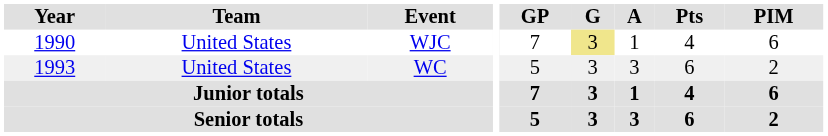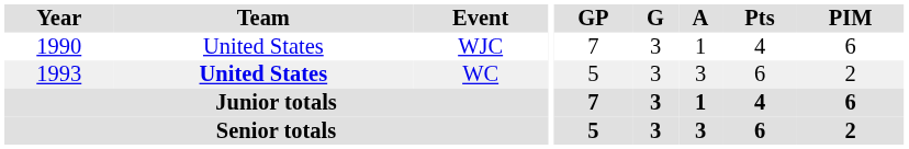 <table border="0" cellpadding="1" cellspacing="0" ID="Table3" style="text-align:center; width:40em">
 <tr bgcolor="#e0e0e0">
 <th>Year</th>
 <th>Team</th>
 <th>Event</th>
 <th rowspan="102" bgcolor="#ffffff"></th>
 <th>GP</th>
 <th>G</th>
 <th>A</th>
 <th>Pts</th>
 <th>PIM</th>
 </tr>
 <tr>
 <td><a href='#'>1990</a></td>
 <td><a href='#'>United States</a></td>
 <td><a href='#'>WJC</a></td>
 <td>7</td>
-<td style="background: khaki;">3</td>
+<td>3</td>
 <td>1</td>
 <td>4</td>
 <td>6</td>
 </tr>
 <tr bgcolor="#f0f0f0">
 <td><a href='#'>1993</a></td>
-<td><a href='#'>United States</a></td>
+<td><strong><a href='#'>United States</a></strong></td>
 <td><a href='#'>WC</a></td>
 <td>5</td>
 <td>3</td>
 <td>3</td>
 <td>6</td>
 <td>2</td>
 </tr>
 <tr bgcolor="#e0e0e0">
 <th colspan="3">Junior totals</th>
 <th>7</th>
 <th>3</th>
 <th>1</th>
 <th>4</th>
 <th>6</th>
 </tr>
 <tr bgcolor="#e0e0e0">
 <th colspan="3">Senior totals</th>
 <th>5</th>
 <th>3</th>
 <th>3</th>
 <th>6</th>
 <th>2</th>
 </tr>
 </table>
